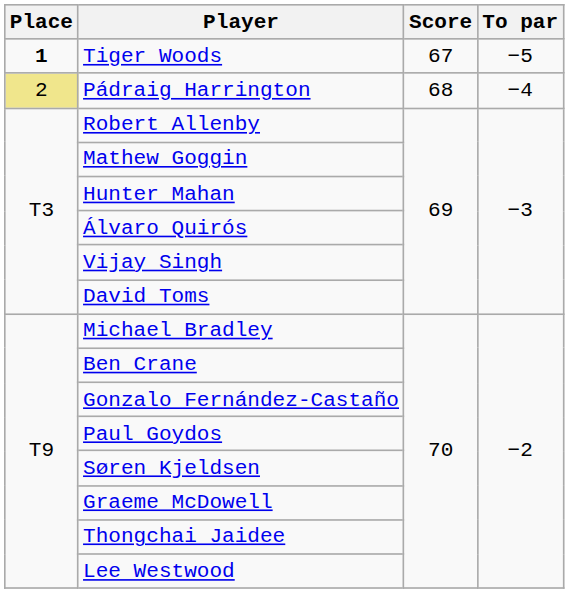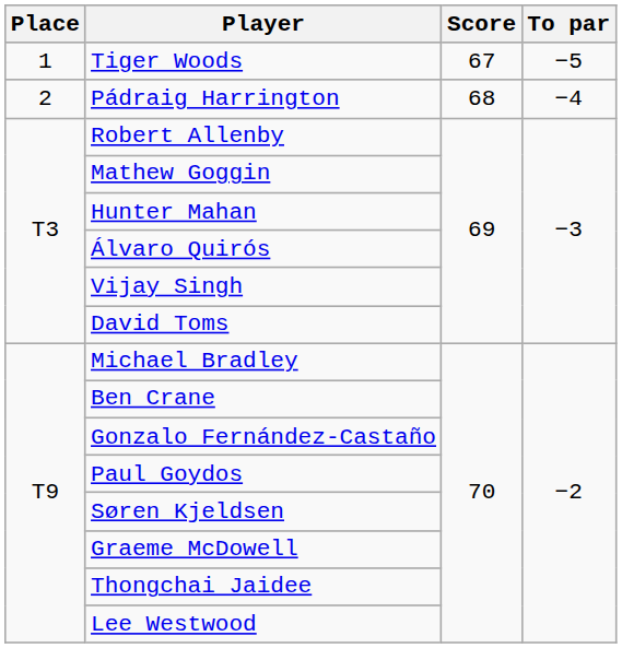 <table class="wikitable">
 <tr>
 <th>Place</th>
 <th>Player</th>
 <th>Score</th>
 <th>To par</th>
 </tr>
 <tr>
-<td align=center><strong>1</strong></td>
+<td align=center>1</td>
 <td> <a href='#'>Tiger Woods</a></td>
 <td align=center>67</td>
 <td align=center>−5</td>
 </tr>
 <tr>
-<td align=center style="background: khaki;">2</td>
+<td align=center>2</td>
 <td> <a href='#'>Pádraig Harrington</a></td>
 <td align=center>68</td>
 <td align=center>−4</td>
 </tr>
 <tr>
 <td rowspan="6" align=center>T3</td>
 <td> <a href='#'>Robert Allenby</a></td>
 <td rowspan="6"  align=center>69</td>
 <td rowspan="6" align=center>−3</td>
 </tr>
 <tr>
 <td> <a href='#'>Mathew Goggin</a></td>
 </tr>
 <tr>
 <td> <a href='#'>Hunter Mahan</a></td>
 </tr>
 <tr>
 <td> <a href='#'>Álvaro Quirós</a></td>
 </tr>
 <tr>
 <td> <a href='#'>Vijay Singh</a></td>
 </tr>
 <tr>
 <td> <a href='#'>David Toms</a></td>
 </tr>
 <tr>
 <td rowspan="8" align=center>T9</td>
 <td> <a href='#'>Michael Bradley</a></td>
 <td rowspan="8" align=center>70</td>
 <td rowspan="8" align=center>−2</td>
 </tr>
 <tr>
 <td> <a href='#'>Ben Crane</a></td>
 </tr>
 <tr>
 <td> <a href='#'>Gonzalo Fernández-Castaño</a></td>
 </tr>
 <tr>
 <td> <a href='#'>Paul Goydos</a></td>
 </tr>
 <tr>
 <td> <a href='#'>Søren Kjeldsen</a></td>
 </tr>
 <tr>
 <td> <a href='#'>Graeme McDowell</a></td>
 </tr>
 <tr>
 <td> <a href='#'>Thongchai Jaidee</a></td>
 </tr>
 <tr>
 <td> <a href='#'>Lee Westwood</a></td>
 </tr>
 </table>
